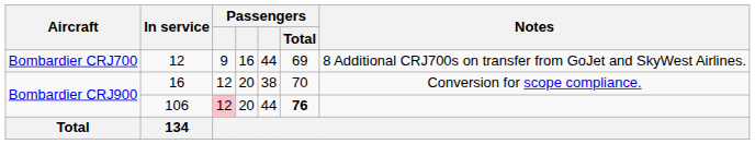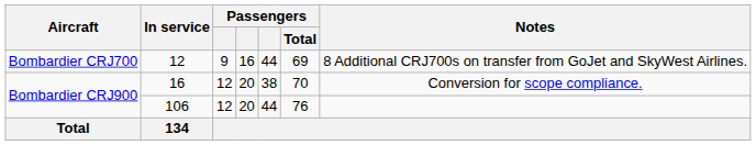 <table class="wikitable" style="text-align:center; margin:0.5em auto">
 <tr>
 <th rowspan="2">Aircraft</th>
 <th rowspan="2">In service</th>
 <th colspan="4">Passengers</th>
 <th rowspan="2">Notes</th>
 </tr>
 <tr>
 <th></th>
 <th></th>
 <th></th>
 <th>Total</th>
 </tr>
 <tr>
 <td><a href='#'>Bombardier CRJ700</a></td>
 <td>12</td>
 <td>9</td>
 <td>16</td>
 <td>44</td>
 <td>69</td>
 <td>8 Additional CRJ700s on transfer from GoJet and SkyWest Airlines.</td>
 </tr>
 <tr>
 <td rowspan="2"><a href='#'>Bombardier CRJ900</a></td>
 <td>16</td>
 <td>12</td>
 <td>20</td>
 <td>38</td>
 <td>70</td>
 <td>Conversion for <a href='#'>scope compliance.</a></td>
 </tr>
 <tr>
 <td>106</td>
-<td style="background: pink;">12</td>
+<td>12</td>
 <td>20</td>
 <td>44</td>
-<td><strong>76</strong></td>
+<td>76</td>
 <td></td>
 </tr>
 <tr>
 <th>Total</th>
 <th>134</th>
 <th colspan="5"></th>
 </tr>
 </table>
